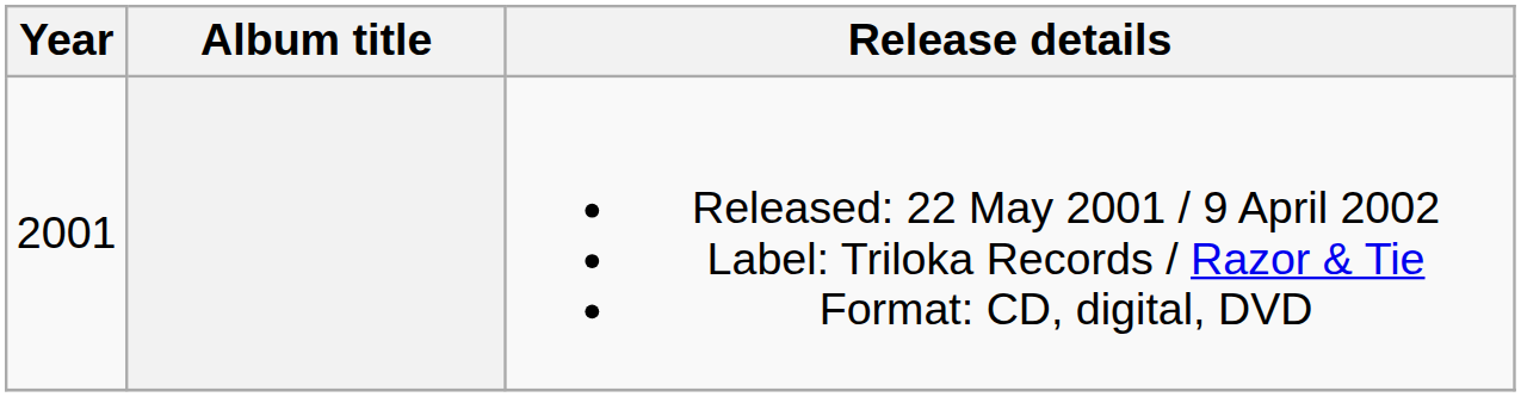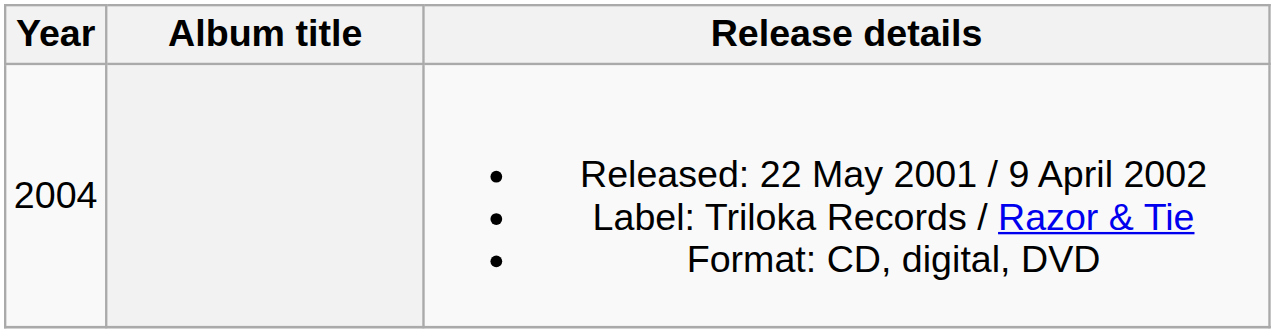 <table class="wikitable plainrowheaders" style="text-align:center;">
 <tr>
 <th>Year</th>
 <th scope="col" rowspan="1" style="width:8em;">Album title</th>
 <th scope="col" rowspan="1" style="width:22em;">Release details</th>
 </tr>
 <tr>
-<td>2001</td>
+<td>2004</td>
 <th></th>
 <td><br><ul><li>Released: 22 May 2001 / 9 April 2002</li><li>Label: Triloka Records / <a href='#'>Razor & Tie</a></li><li>Format: CD, digital, DVD</li></ul></td>
 </tr>
 <tr>
 </tr>
 </table>
